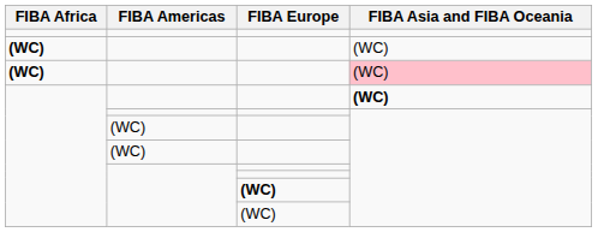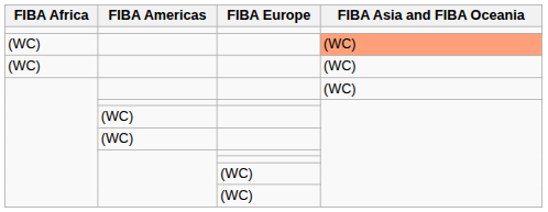 <table class=wikitable style="text-align:center;" width=70%>
 <tr>
 <th>FIBA Africa</th>
 <th>FIBA Americas</th>
 <th>FIBA Europe</th>
 <th>FIBA Asia and FIBA Oceania</th>
 </tr>
 <tr>
 <td align=left></td>
 <td align=left></td>
 <td align=left></td>
 <td align=left><s></s></td>
 </tr>
 <tr>
-<td align=left><strong> (WC)</strong></td>
+<td align=left> (WC)</td>
+<td align=left></td>
+<td align=left></td>
+<td align=left style="background: lightsalmon;"> (WC)</td>
+</tr>
+<tr>
+<td align=left><s></s> (WC)</td>
 <td align=left></td>
 <td align=left></td>
 <td align=left> (WC)</td>
 </tr>
 <tr>
-<td align=left><strong><s></s> (WC)</strong></td>
-<td align=left></td>
-<td align=left></td>
-<td align=left style="background: pink;"> (WC)</td>
-</tr>
-<tr>
 <td rowspan=8></td>
 <td align=left></td>
 <td align=left></td>
-<td align=left><strong> (WC)</strong></td>
+<td align=left> (WC)</td>
 </tr>
 <tr>
 <td align=left></td>
 <td align=left></td>
 <td rowspan=7></td>
 </tr>
 <tr>
 <td align=left> (WC)</td>
 <td align=left></td>
 </tr>
 <tr>
 <td align=left> (WC)</td>
 <td align=left></td>
 </tr>
 <tr>
 <td rowspan=4></td>
 <td align=left></td>
 </tr>
 <tr>
 <td align=left></td>
 </tr>
 <tr>
-<td align=left><strong> (WC)</strong></td>
+<td align=left> (WC)</td>
 </tr>
 <tr>
 <td align=left> (WC)</td>
 </tr>
 </table>
